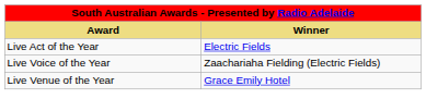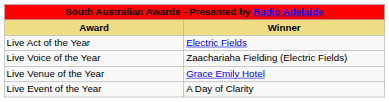 <table class="wikitable" width=100%>
 <tr>
 <th colspan="2" ! style="width:15%;background:red">South Australian Awards - Presented by <a href='#'>Radio Adelaide</a></th>
 </tr>
 <tr>
 <th style="width:10%;background:#EEDD82;">Award</th>
 <th style="width:10%;background:#EEDD82;">Winner</th>
 </tr>
 <tr>
 <td>Live Act of the Year</td>
 <td><a href='#'>Electric Fields</a></td>
 </tr>
 <tr>
 <td>Live Voice of the Year</td>
 <td>Zaachariaha Fielding (Electric Fields)</td>
 </tr>
 <tr>
 <td>Live Venue of the Year</td>
 <td><a href='#'>Grace Emily Hotel</a></td>
 </tr>
+<tr>
+<td>Live Event of the Year</td>
+<td>A Day of Clarity</td>
+</tr>
 </table>
